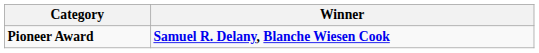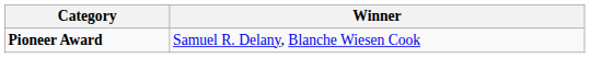 <table class="wikitable" width="100%">
 <tr>
 <th>Category</th>
 <th>Winner</th>
 </tr>
 <tr>
 <td><strong>Pioneer Award</strong></td>
-<td><strong><a href='#'>Samuel R. Delany</a>, <a href='#'>Blanche Wiesen Cook</a></strong></td>
+<td><a href='#'>Samuel R. Delany</a>, <a href='#'>Blanche Wiesen Cook</a></td>
 </tr>
 </table>
